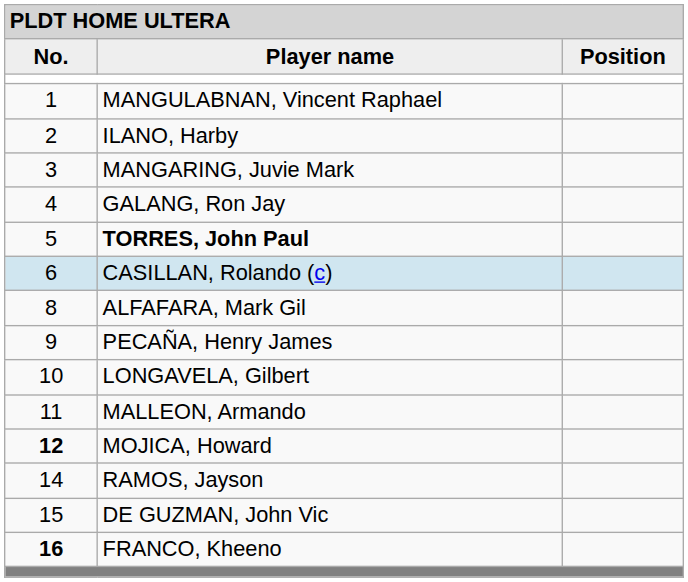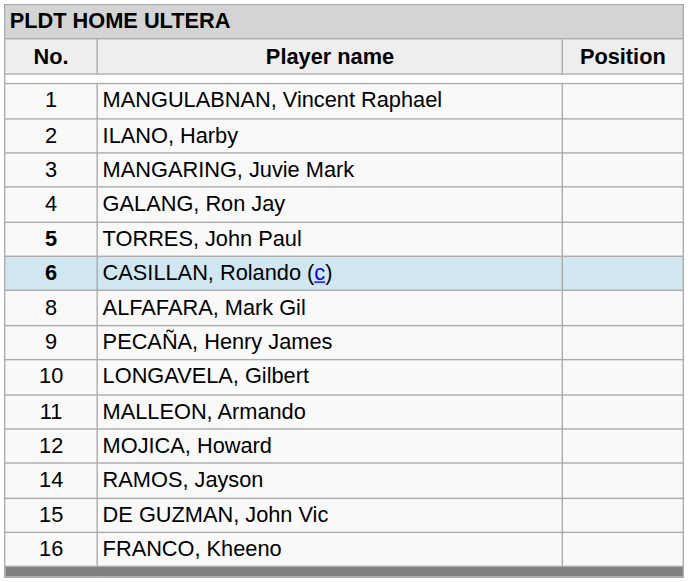 <table class='wikitable mw-collapsible mw-collapsed' style='text-align: center; width: 500px; border: none;'>
 <tr>
 <th style="background:#D4D4D4; text-align:left;" colspan=3>PLDT HOME ULTERA</th>
 </tr>
 <tr style="background:#EEEEEE; font-weight:bold;">
 <td width=10%>No.</td>
 <td width=50%>Player name</td>
 <td width=10%>Position</td>
 </tr>
 <tr style="background:#FFFFFF;">
 <td colspan=3 align=center></td>
 </tr>
 <tr>
 <td align=center>1</td>
 <td align=left>MANGULABNAN, Vincent Raphael</td>
 <td align=center></td>
 </tr>
 <tr>
 <td align=center>2</td>
 <td align=left>ILANO, Harby</td>
 <td align=center></td>
 </tr>
 <tr>
 <td align=center>3</td>
 <td align=left>MANGARING, Juvie Mark</td>
 <td align=center></td>
 </tr>
 <tr>
 <td align=center>4</td>
 <td align=left>GALANG, Ron Jay</td>
 <td align=center></td>
 </tr>
 <tr>
-<td align=center>5</td>
-<td align=left><strong>TORRES, John Paul</strong></td>
+<td align=center><strong>5</strong></td>
+<td align=left>TORRES, John Paul</td>
 <td align=center></td>
 </tr>
 <tr bgcolor=#D0E6F>
-<td align=center>6</td>
+<td align=center><strong>6</strong></td>
 <td align=left>CASILLAN, Rolando (<a href='#'>c</a>)</td>
 <td align=center></td>
 </tr>
 <tr>
 <td align=center>8</td>
 <td align=left>ALFAFARA, Mark Gil</td>
 <td align=center></td>
 </tr>
 <tr>
 <td align=center>9</td>
 <td align=left>PECAÑA, Henry James</td>
 <td align=center></td>
 </tr>
 <tr>
 <td align=center>10</td>
 <td align=left>LONGAVELA, Gilbert</td>
 <td align=center></td>
 </tr>
 <tr>
 <td align=center>11</td>
 <td align=left>MALLEON, Armando</td>
 <td align=center></td>
 </tr>
 <tr>
-<td align=center><strong>12</strong></td>
+<td align=center>12</td>
 <td align=left>MOJICA, Howard</td>
 <td align=center></td>
 </tr>
 <tr>
 <td align=center>14</td>
 <td align=left>RAMOS, Jayson</td>
 <td align=center></td>
 </tr>
 <tr>
 <td align=center>15</td>
 <td align=left>DE GUZMAN, John Vic</td>
 <td align=center></td>
 </tr>
 <tr>
-<td align=center><strong>16</strong></td>
+<td align=center>16</td>
 <td align=left>FRANCO, Kheeno</td>
 <td align=center></td>
 </tr>
 <tr>
 <th style="background:gray;" colspan=3></th>
 </tr>
 <tr>
 </tr>
 </table>
